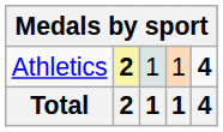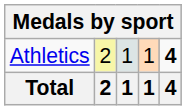 <table class="wikitable" style="font-size:90%; text-align:center;">
 <tr>
 <th colspan="5">Medals by sport</th>
 </tr>
 <tr>
 <td align="left"><a href='#'>Athletics</a></td>
-<td style="background:#F7F6A8;"><strong>2</strong></td>
+<td style="background:#F7F6A8;">2</td>
 <td style="background:#DCE5E5;">1</td>
 <td style="background:#FFDAB9;">1</td>
 <td><strong>4</strong></td>
 </tr>
 <tr class="sortbottom">
 <th>Total</th>
 <th>2</th>
 <th>1</th>
 <th>1</th>
 <th>4</th>
 </tr>
 </table>
